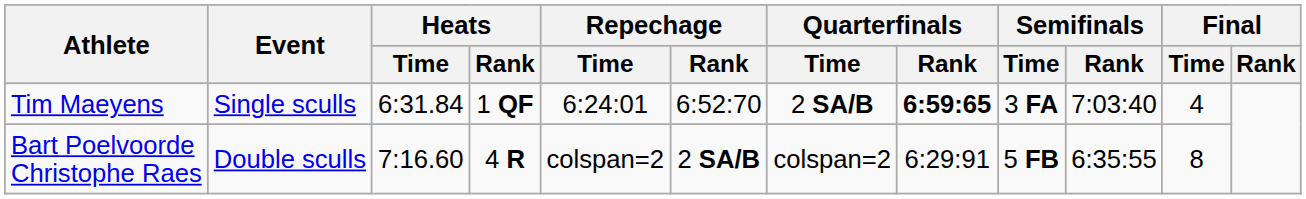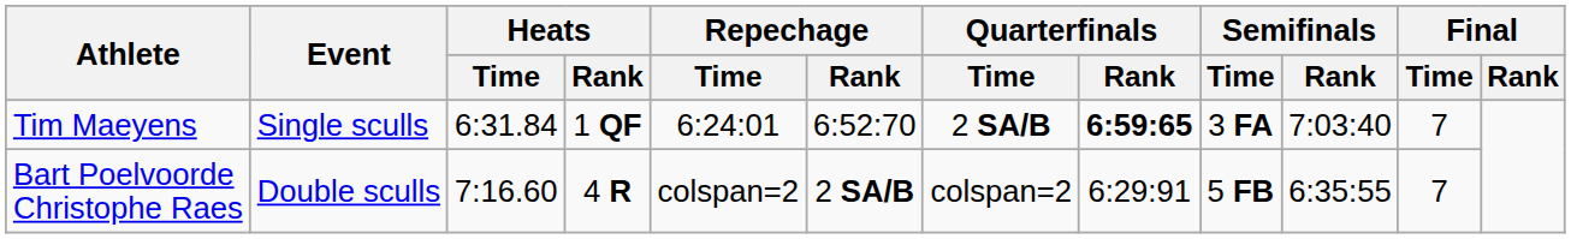 <table class="wikitable" style="font-size:90%">
 <tr>
 <th rowspan="2">Athlete</th>
 <th rowspan="2">Event</th>
 <th colspan="2">Heats</th>
 <th colspan="2">Repechage</th>
 <th colspan=2>Quarterfinals</th>
 <th colspan="2">Semifinals</th>
 <th colspan="2">Final</th>
 </tr>
 <tr style="font-size:95%">
 <th>Time</th>
 <th>Rank</th>
 <th>Time</th>
 <th>Rank</th>
 <th>Time</th>
 <th>Rank</th>
 <th>Time</th>
 <th>Rank</th>
 <th>Time</th>
 <th>Rank</th>
 </tr>
 <tr align=center>
 <td align=left><a href='#'>Tim Maeyens</a></td>
 <td align=left><a href='#'>Single sculls</a></td>
 <td>6:31.84</td>
 <td>1 <strong>QF</strong></td>
 <td>6:24:01</td>
 <td>6:52:70</td>
 <td>2 <strong>SA/B</strong></td>
 <td><strong>6:59:65</strong></td>
 <td>3 <strong>FA</strong></td>
 <td>7:03:40</td>
-<td>4</td>
+<td>7</td>
 </tr>
 <tr align=center>
 <td align=left><a href='#'>Bart Poelvoorde</a> <br> <a href='#'>Christophe Raes</a></td>
 <td align=left><a href='#'>Double sculls</a></td>
 <td>7:16.60</td>
 <td>4 <strong>R</strong></td>
 <td>colspan=2 </td>
 <td>2 <strong>SA/B</strong></td>
 <td>colspan=2 </td>
 <td>6:29:91</td>
 <td>5 <strong>FB</strong></td>
 <td>6:35:55</td>
-<td>8</td>
+<td>7</td>
 </tr>
 </table>
